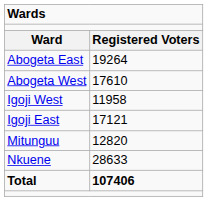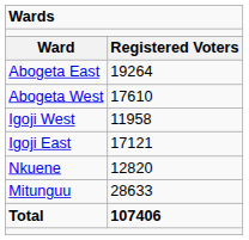 <table class="wikitable">
 <tr>
 <td colspan="2"><strong>Wards</strong></td>
 </tr>
 <tr>
 <td colspan="2"></td>
 </tr>
 <tr>
 <th>Ward</th>
 <th>Registered Voters</th>
 </tr>
 <tr>
 <td><a href='#'>Abogeta East</a></td>
 <td>19264</td>
 </tr>
 <tr>
 <td><a href='#'>Abogeta West</a></td>
 <td>17610</td>
 </tr>
 <tr>
 <td><a href='#'>Igoji West</a></td>
 <td>11958</td>
 </tr>
 <tr>
 <td><a href='#'>Igoji East</a></td>
 <td>17121</td>
 </tr>
 <tr>
-<td><a href='#'>Mitunguu</a></td>
+<td><a href='#'>Nkuene</a></td>
 <td>12820</td>
 </tr>
 <tr>
-<td><a href='#'>Nkuene</a></td>
+<td><a href='#'>Mitunguu</a></td>
 <td>28633</td>
 </tr>
 <tr>
 <td><strong>Total</strong></td>
 <td><strong>107406</strong></td>
 </tr>
 <tr>
 <td colspan="2"></td>
 </tr>
 </table>
